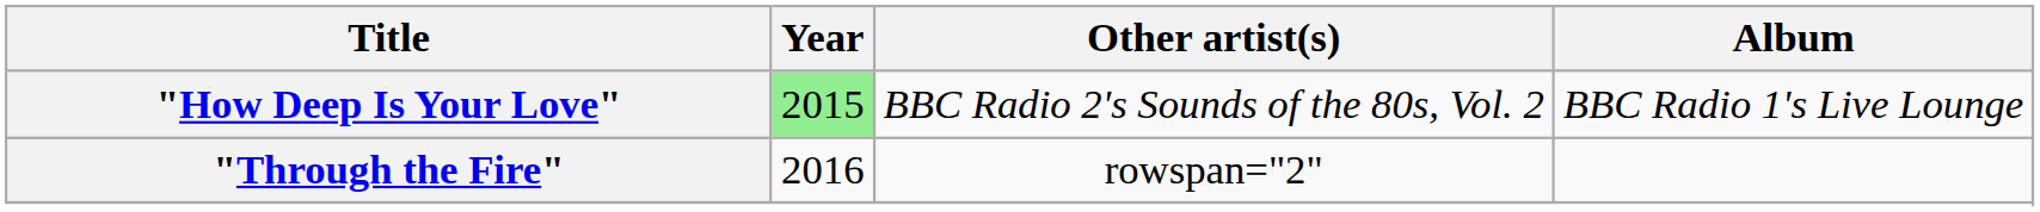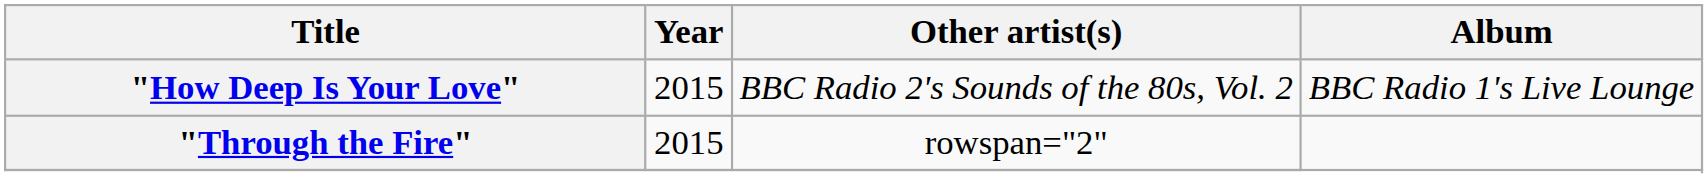 <table class="wikitable plainrowheaders" style="text-align:center;">
 <tr>
 <th scope="col" style="width:18em;">Title</th>
 <th scope="col">Year</th>
 <th scope="col">Other artist(s)</th>
 <th scope="col">Album</th>
 </tr>
 <tr>
 <th scope="row">"<a href='#'>How Deep Is Your Love</a>"</th>
-<td style="background: lightgreen;">2015</td>
+<td>2015</td>
 <td><em>BBC Radio 2's Sounds of the 80s, Vol. 2</em></td>
 <td><em>BBC Radio 1's Live Lounge</em></td>
 </tr>
 <tr>
 <th scope="row">"<a href='#'>Through the Fire</a>"</th>
-<td>2016</td>
+<td>2015</td>
 <td>rowspan="2" </td>
 </tr>
 <tr>
 </tr>
 </table>
